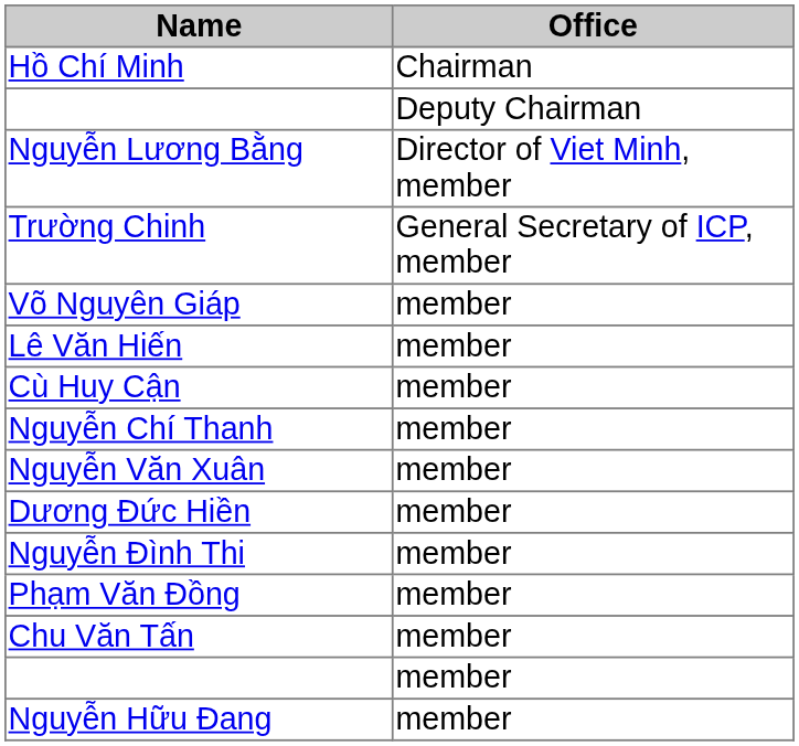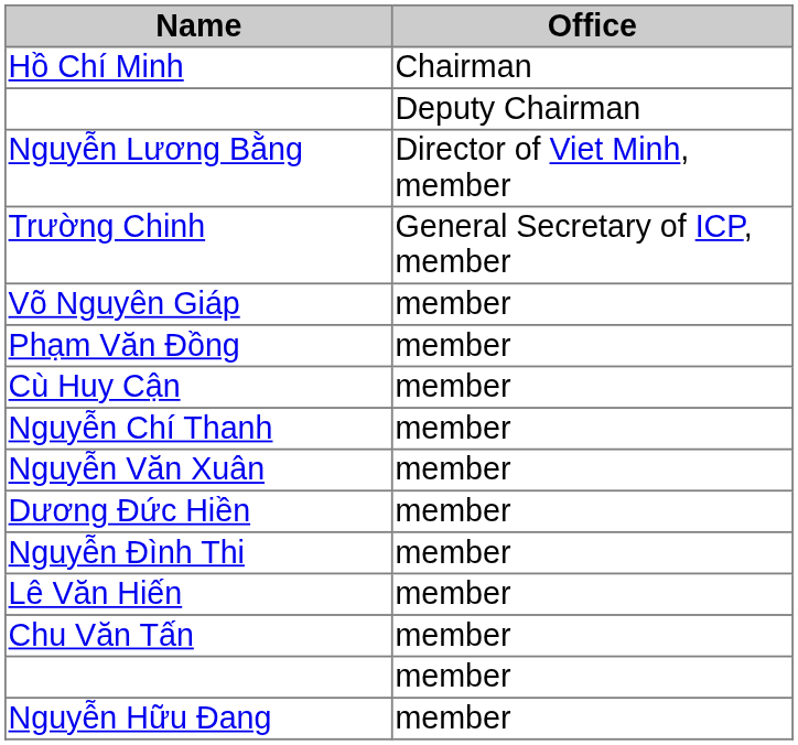 <table border="1" style="width:400px; border-collapse: collapse;">
 <tr>
 <th bgcolor=#cccccc>Name</th>
 <th bgcolor=#cccccc>Office</th>
 </tr>
 <tr valign=top style="width:200px">
 <td><a href='#'>Hồ Chí Minh</a></td>
 <td style="width:100px">Chairman</td>
 </tr>
 <tr valign=top style="width:200px">
 <td></td>
 <td style="width:100px">Deputy Chairman</td>
 </tr>
 <tr valign=top style="width:200px">
 <td><a href='#'>Nguyễn Lương Bằng</a></td>
 <td style="width:100px">Director of <a href='#'>Viet Minh</a>, member</td>
 </tr>
 <tr valign=top style="width:200px">
 <td><a href='#'>Trường Chinh</a></td>
 <td style="width:100px">General Secretary of <a href='#'>ICP</a>, member</td>
 </tr>
 <tr valign=top style="width:200px">
 <td><a href='#'>Võ Nguyên Giáp</a></td>
 <td style="width:100px">member</td>
 </tr>
 <tr valign=top style="width:200px">
-<td><a href='#'>Lê Văn Hiến</a></td>
+<td><a href='#'>Phạm Văn Đồng</a></td>
 <td style="width:100px">member</td>
 </tr>
 <tr valign=top style="width:200px">
 <td><a href='#'>Cù Huy Cận</a></td>
 <td style="width:100px">member</td>
 </tr>
 <tr valign=top style="width:400px">
 <td><a href='#'>Nguyễn Chí Thanh</a></td>
 <td style="width:200px">member</td>
 </tr>
 <tr valign=top style="width:400px">
 <td><a href='#'>Nguyễn Văn Xuân</a></td>
 <td style="width:200px">member</td>
 </tr>
 <tr valign=top style="width:400px">
 <td><a href='#'>Dương Đức Hiền</a></td>
 <td style="width:200px">member</td>
 </tr>
 <tr valign=top style="width:400px">
 <td><a href='#'>Nguyễn Đình Thi</a></td>
 <td style="width:200px">member</td>
 </tr>
 <tr valign=top style="width:400px">
-<td><a href='#'>Phạm Văn Đồng</a></td>
+<td><a href='#'>Lê Văn Hiến</a></td>
 <td style="width:200px">member</td>
 </tr>
 <tr valign=top style="width:400px">
 <td><a href='#'>Chu Văn Tấn</a></td>
 <td style="width:200px">member</td>
 </tr>
 <tr valign=top style="width:400px">
 <td></td>
 <td style="width:200px">member</td>
 </tr>
 <tr valign=top style="width:400px">
 <td><a href='#'>Nguyễn Hữu Đang</a></td>
 <td style="width:200px">member</td>
 </tr>
 </table>
